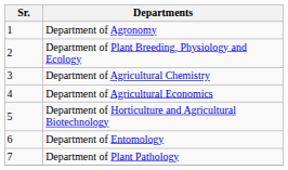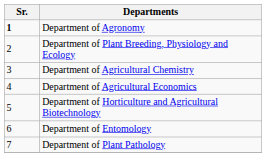 <table class="wikitable">
 <tr>
 <th width="50">Sr.</th>
 <th width="350">Departments</th>
 </tr>
 <tr>
-<td>1</td>
+<td><strong>1</strong></td>
 <td>Department of <a href='#'>Agronomy</a></td>
 </tr>
 <tr>
 <td>2</td>
 <td>Department of <a href='#'>Plant Breeding, Physiology and Ecology</a></td>
 </tr>
 <tr>
 <td>3</td>
 <td>Department of <a href='#'>Agricultural Chemistry</a></td>
 </tr>
 <tr>
 <td>4</td>
 <td>Department of <a href='#'>Agricultural Economics</a></td>
 </tr>
 <tr>
 <td>5</td>
 <td>Department of <a href='#'>Horticulture and Agricultural Biotechnology</a></td>
 </tr>
 <tr>
 <td>6</td>
 <td>Department of <a href='#'>Entomology</a></td>
 </tr>
 <tr>
 <td>7</td>
 <td>Department of <a href='#'>Plant Pathology</a></td>
 </tr>
 <tr>
 </tr>
 </table>
